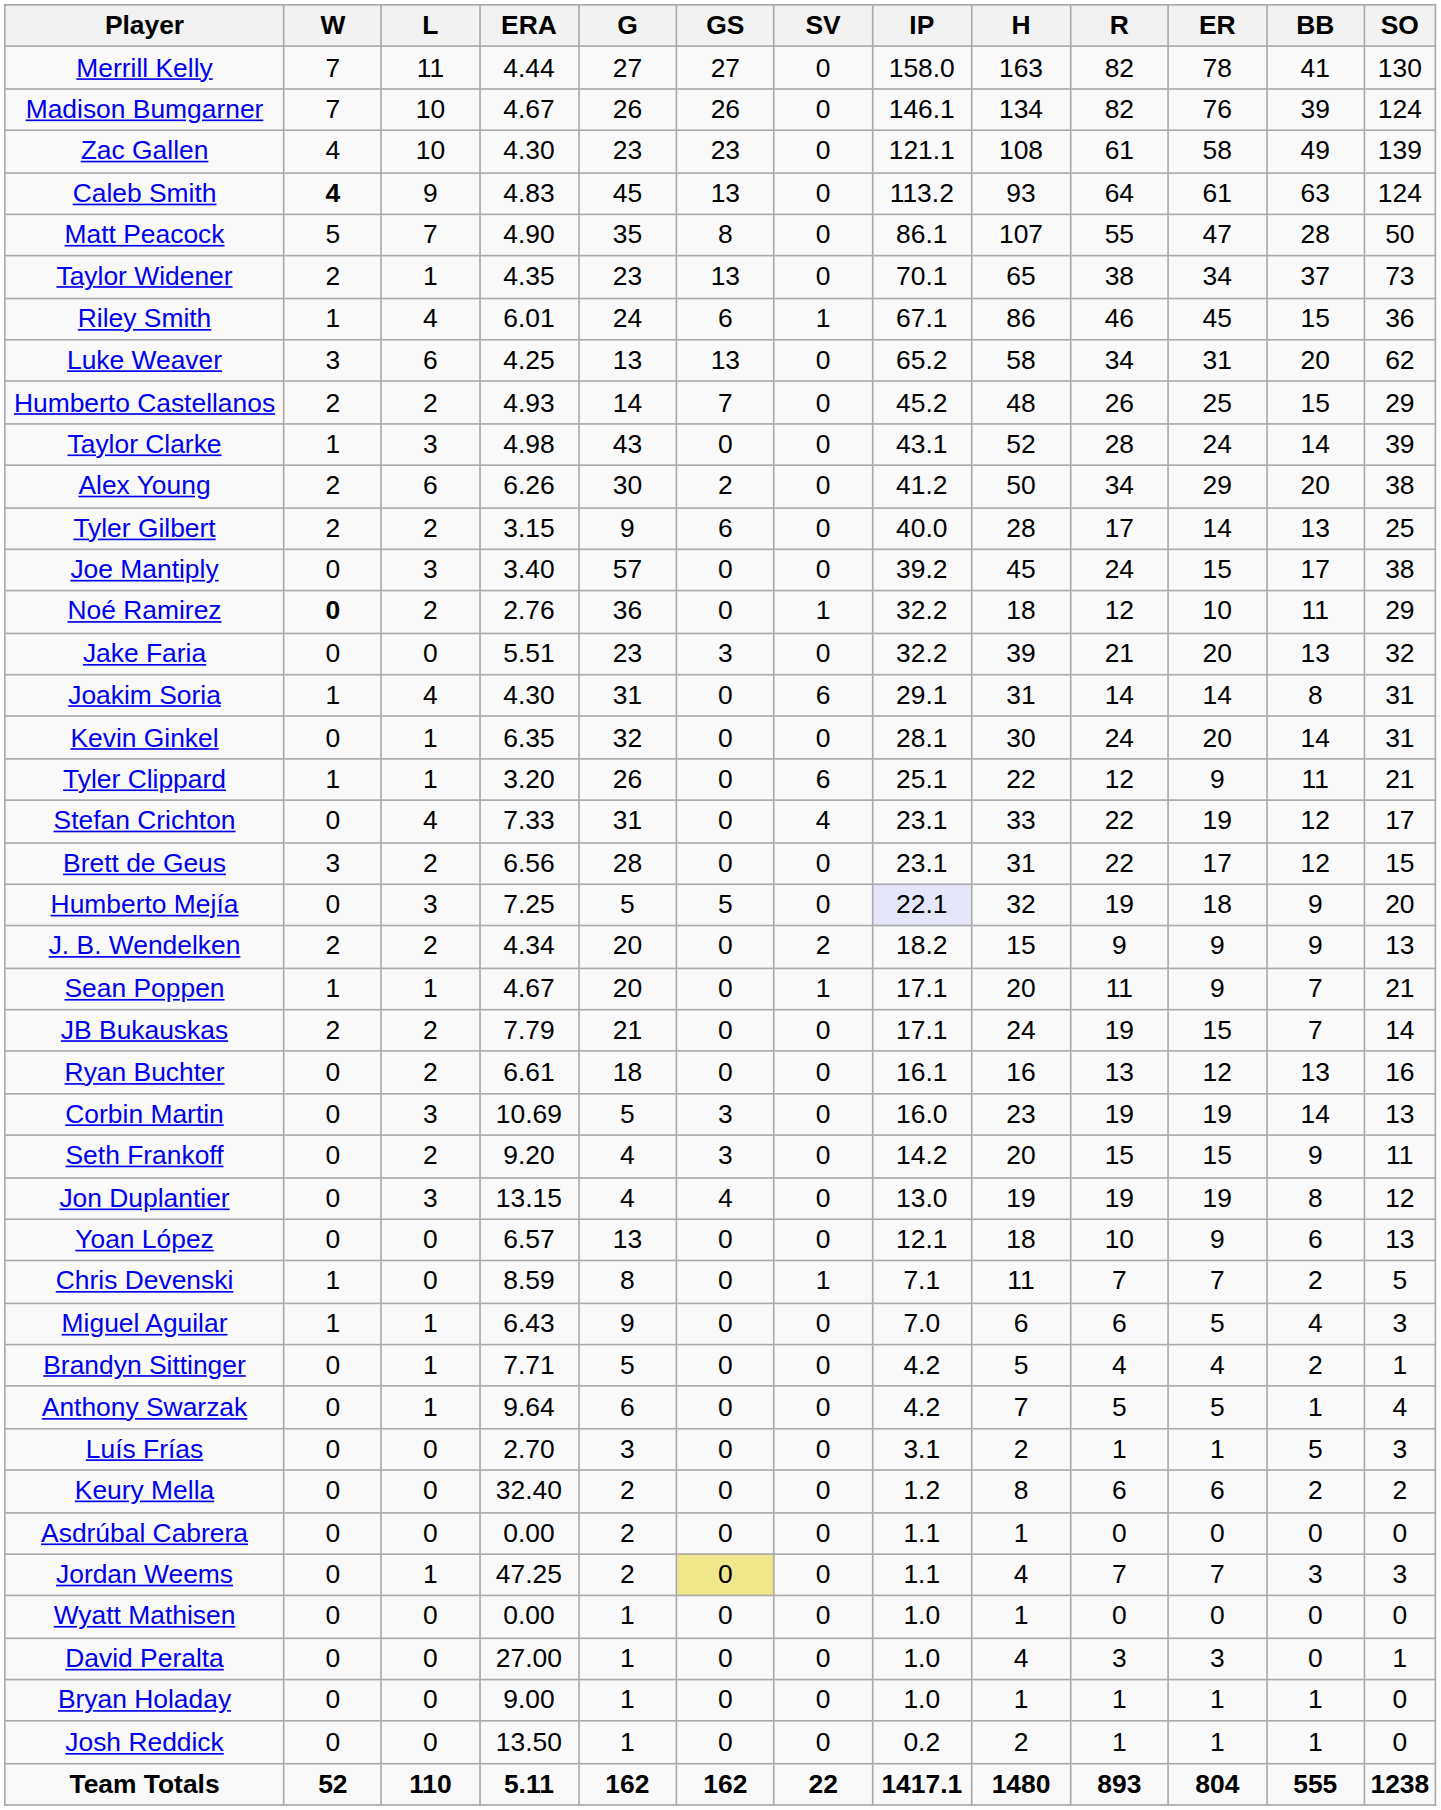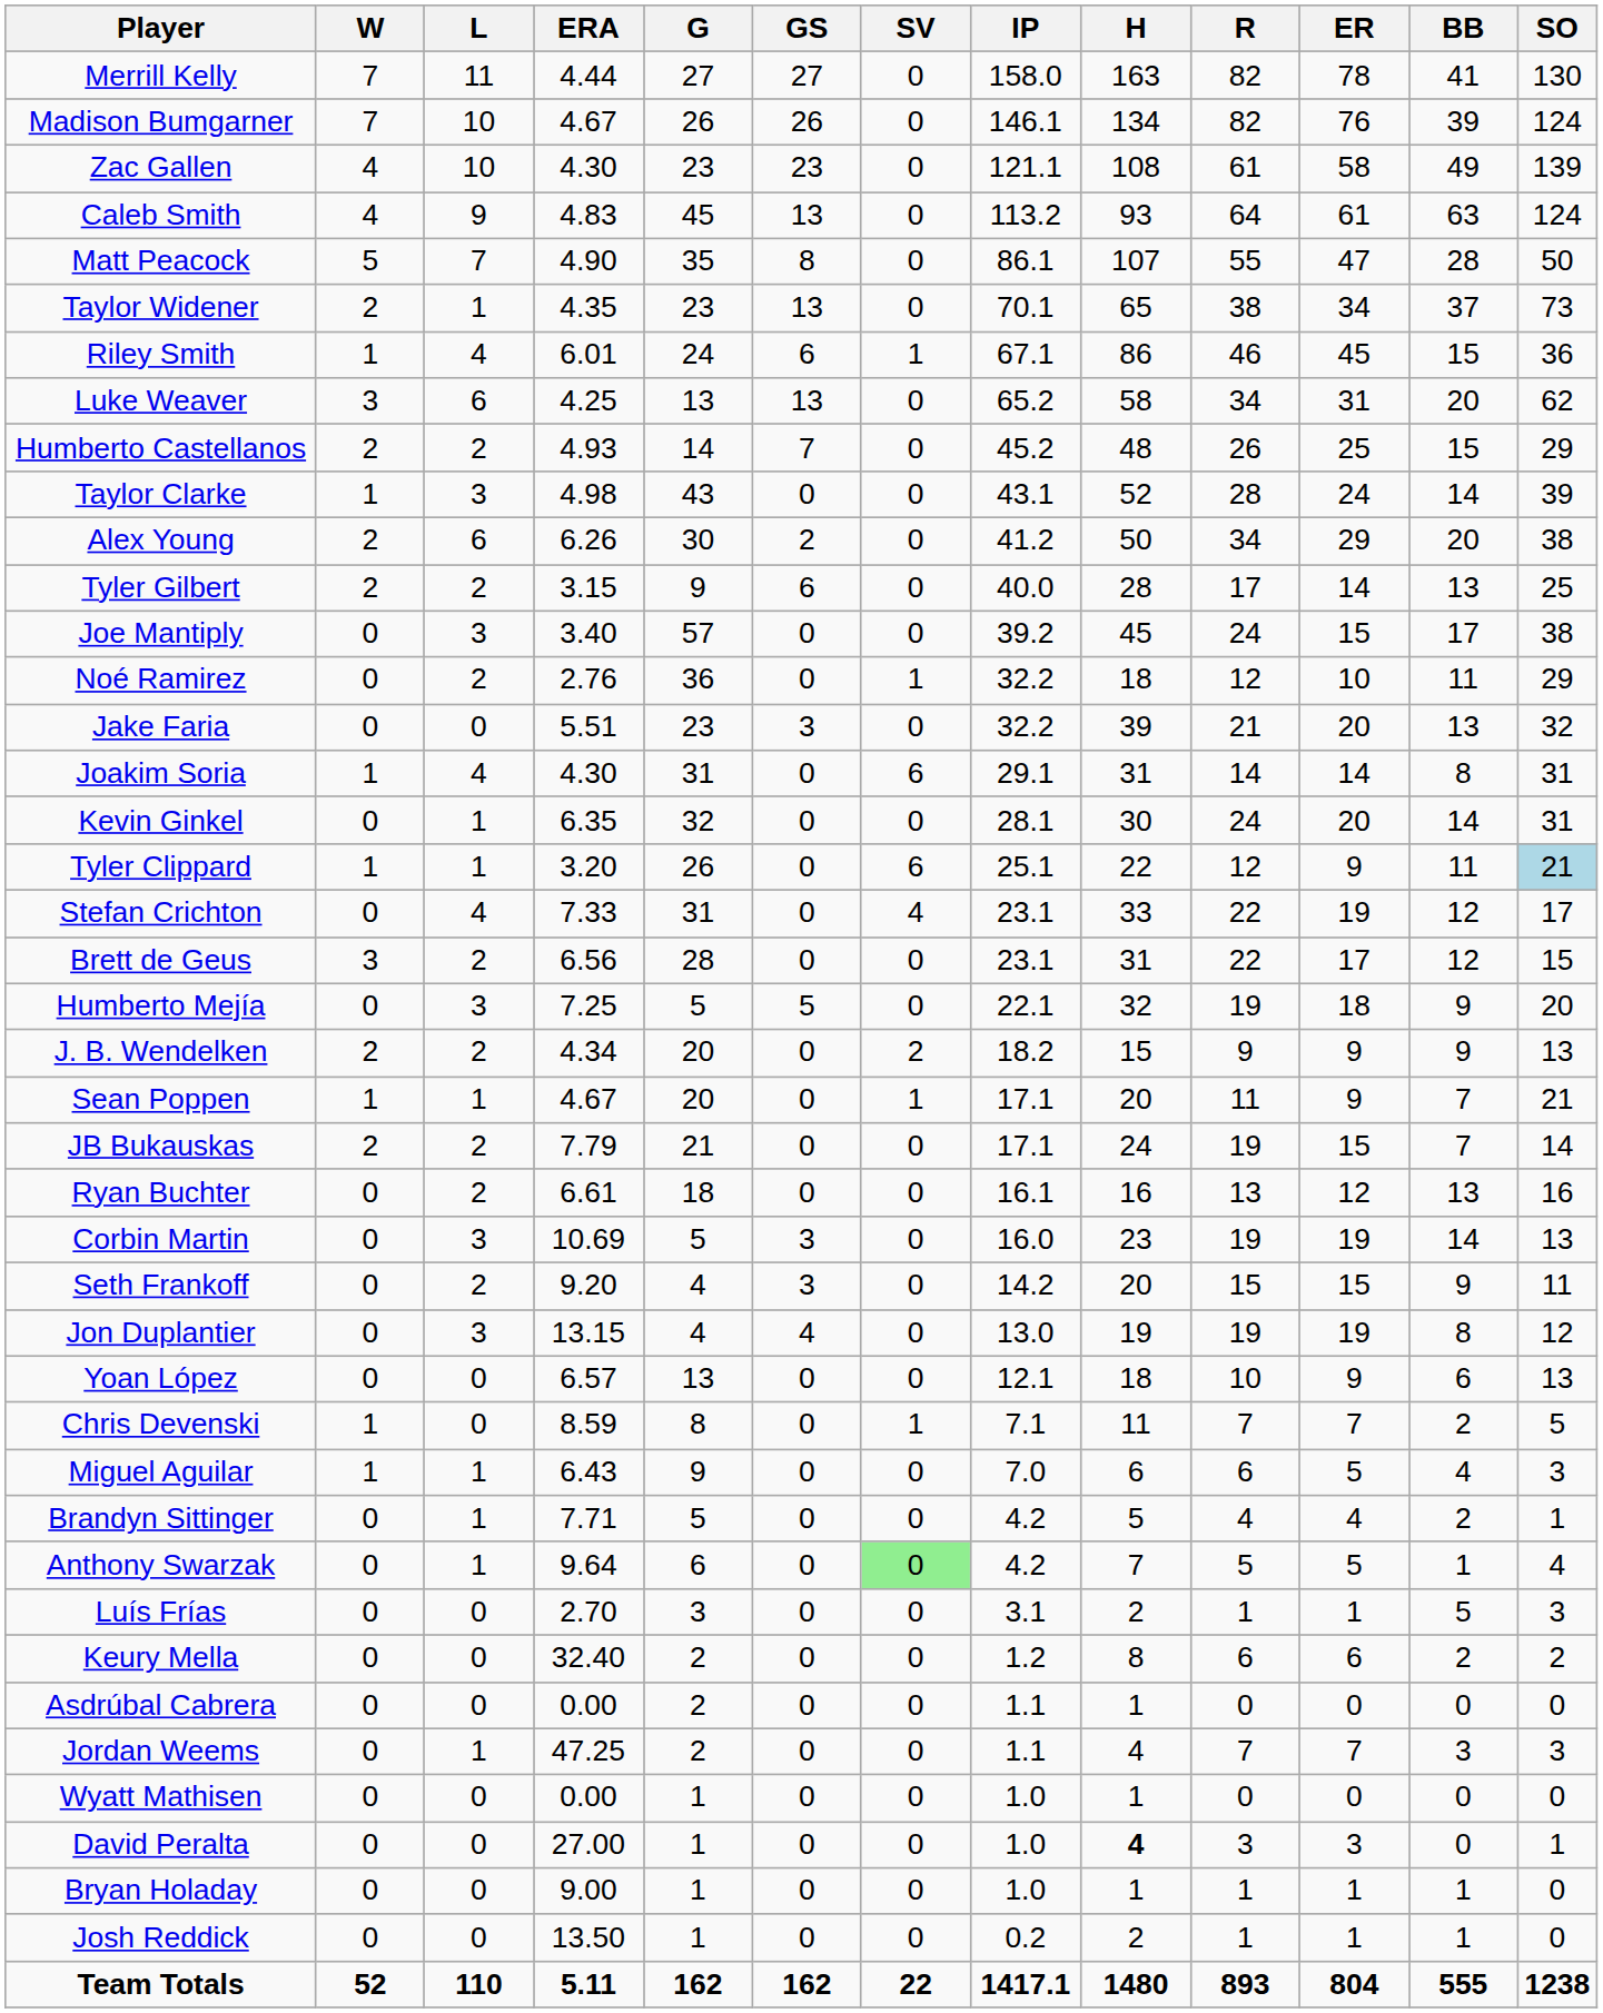 <table class=wikitable style="text-align:center">
 <tr>
 <th bgcolor=#DDDDFF; width="20%">Player</th>
 <th bgcolor=#DDDDFF; width="7%">W</th>
 <th bgcolor=#DDDDFF; width="7%">L</th>
 <th bgcolor=#DDDDFF; width="7%">ERA</th>
 <th bgcolor=#DDDDFF; width="7%">G</th>
 <th bgcolor=#DDDDFF; width="7%">GS</th>
 <th bgcolor=#DDDDFF; width="7%">SV</th>
 <th bgcolor=#DDDDFF; width="7%">IP</th>
 <th bgcolor=#DDDDFF; width="7%">H</th>
 <th bgcolor=#DDDDFF; width="7%">R</th>
 <th bgcolor=#DDDDFF; width="7%">ER</th>
 <th bgcolor=#DDDDFF; width="7%">BB</th>
 <th bgcolor=#DDDDFF; width="7%">SO</th>
 </tr>
 <tr>
 <td><a href='#'>Merrill Kelly</a></td>
 <td>7</td>
 <td>11</td>
 <td>4.44</td>
 <td>27</td>
 <td>27</td>
 <td>0</td>
 <td>158.0</td>
 <td>163</td>
 <td>82</td>
 <td>78</td>
 <td>41</td>
 <td>130</td>
 </tr>
 <tr>
 <td><a href='#'>Madison Bumgarner</a></td>
 <td>7</td>
 <td>10</td>
 <td>4.67</td>
 <td>26</td>
 <td>26</td>
 <td>0</td>
 <td>146.1</td>
 <td>134</td>
 <td>82</td>
 <td>76</td>
 <td>39</td>
 <td>124</td>
 </tr>
 <tr>
 <td><a href='#'>Zac Gallen</a></td>
 <td>4</td>
 <td>10</td>
 <td>4.30</td>
 <td>23</td>
 <td>23</td>
 <td>0</td>
 <td>121.1</td>
 <td>108</td>
 <td>61</td>
 <td>58</td>
 <td>49</td>
 <td>139</td>
 </tr>
 <tr>
 <td><a href='#'>Caleb Smith</a></td>
-<td><strong>4</strong></td>
+<td>4</td>
 <td>9</td>
 <td>4.83</td>
 <td>45</td>
 <td>13</td>
 <td>0</td>
 <td>113.2</td>
 <td>93</td>
 <td>64</td>
 <td>61</td>
 <td>63</td>
 <td>124</td>
 </tr>
 <tr>
 <td><a href='#'>Matt Peacock</a></td>
 <td>5</td>
 <td>7</td>
 <td>4.90</td>
 <td>35</td>
 <td>8</td>
 <td>0</td>
 <td>86.1</td>
 <td>107</td>
 <td>55</td>
 <td>47</td>
 <td>28</td>
 <td>50</td>
 </tr>
 <tr>
 <td><a href='#'>Taylor Widener</a></td>
 <td>2</td>
 <td>1</td>
 <td>4.35</td>
 <td>23</td>
 <td>13</td>
 <td>0</td>
 <td>70.1</td>
 <td>65</td>
 <td>38</td>
 <td>34</td>
 <td>37</td>
 <td>73</td>
 </tr>
 <tr>
 <td><a href='#'>Riley Smith</a></td>
 <td>1</td>
 <td>4</td>
 <td>6.01</td>
 <td>24</td>
 <td>6</td>
 <td>1</td>
 <td>67.1</td>
 <td>86</td>
 <td>46</td>
 <td>45</td>
 <td>15</td>
 <td>36</td>
 </tr>
 <tr>
 <td><a href='#'>Luke Weaver</a></td>
 <td>3</td>
 <td>6</td>
 <td>4.25</td>
 <td>13</td>
 <td>13</td>
 <td>0</td>
 <td>65.2</td>
 <td>58</td>
 <td>34</td>
 <td>31</td>
 <td>20</td>
 <td>62</td>
 </tr>
 <tr>
 <td><a href='#'>Humberto Castellanos</a></td>
 <td>2</td>
 <td>2</td>
 <td>4.93</td>
 <td>14</td>
 <td>7</td>
 <td>0</td>
 <td>45.2</td>
 <td>48</td>
 <td>26</td>
 <td>25</td>
 <td>15</td>
 <td>29</td>
 </tr>
 <tr>
 <td><a href='#'>Taylor Clarke</a></td>
 <td>1</td>
 <td>3</td>
 <td>4.98</td>
 <td>43</td>
 <td>0</td>
 <td>0</td>
 <td>43.1</td>
 <td>52</td>
 <td>28</td>
 <td>24</td>
 <td>14</td>
 <td>39</td>
 </tr>
 <tr>
 <td><a href='#'>Alex Young</a></td>
 <td>2</td>
 <td>6</td>
 <td>6.26</td>
 <td>30</td>
 <td>2</td>
 <td>0</td>
 <td>41.2</td>
 <td>50</td>
 <td>34</td>
 <td>29</td>
 <td>20</td>
 <td>38</td>
 </tr>
 <tr>
 <td><a href='#'>Tyler Gilbert</a></td>
 <td>2</td>
 <td>2</td>
 <td>3.15</td>
 <td>9</td>
 <td>6</td>
 <td>0</td>
 <td>40.0</td>
 <td>28</td>
 <td>17</td>
 <td>14</td>
 <td>13</td>
 <td>25</td>
 </tr>
 <tr>
 <td><a href='#'>Joe Mantiply</a></td>
 <td>0</td>
 <td>3</td>
 <td>3.40</td>
 <td>57</td>
 <td>0</td>
 <td>0</td>
 <td>39.2</td>
 <td>45</td>
 <td>24</td>
 <td>15</td>
 <td>17</td>
 <td>38</td>
 </tr>
 <tr>
 <td><a href='#'>Noé Ramirez</a></td>
-<td><strong>0</strong></td>
+<td>0</td>
 <td>2</td>
 <td>2.76</td>
 <td>36</td>
 <td>0</td>
 <td>1</td>
 <td>32.2</td>
 <td>18</td>
 <td>12</td>
 <td>10</td>
 <td>11</td>
 <td>29</td>
 </tr>
 <tr>
 <td><a href='#'>Jake Faria</a></td>
 <td>0</td>
 <td>0</td>
 <td>5.51</td>
 <td>23</td>
 <td>3</td>
 <td>0</td>
 <td>32.2</td>
 <td>39</td>
 <td>21</td>
 <td>20</td>
 <td>13</td>
 <td>32</td>
 </tr>
 <tr>
 <td><a href='#'>Joakim Soria</a></td>
 <td>1</td>
 <td>4</td>
 <td>4.30</td>
 <td>31</td>
 <td>0</td>
 <td>6</td>
 <td>29.1</td>
 <td>31</td>
 <td>14</td>
 <td>14</td>
 <td>8</td>
 <td>31</td>
 </tr>
 <tr>
 <td><a href='#'>Kevin Ginkel</a></td>
 <td>0</td>
 <td>1</td>
 <td>6.35</td>
 <td>32</td>
 <td>0</td>
 <td>0</td>
 <td>28.1</td>
 <td>30</td>
 <td>24</td>
 <td>20</td>
 <td>14</td>
 <td>31</td>
 </tr>
 <tr>
 <td><a href='#'>Tyler Clippard</a></td>
 <td>1</td>
 <td>1</td>
 <td>3.20</td>
 <td>26</td>
 <td>0</td>
 <td>6</td>
 <td>25.1</td>
 <td>22</td>
 <td>12</td>
 <td>9</td>
 <td>11</td>
-<td>21</td>
+<td style="background: lightblue;">21</td>
 </tr>
 <tr>
 <td><a href='#'>Stefan Crichton</a></td>
 <td>0</td>
 <td>4</td>
 <td>7.33</td>
 <td>31</td>
 <td>0</td>
 <td>4</td>
 <td>23.1</td>
 <td>33</td>
 <td>22</td>
 <td>19</td>
 <td>12</td>
 <td>17</td>
 </tr>
 <tr>
 <td><a href='#'>Brett de Geus</a></td>
 <td>3</td>
 <td>2</td>
 <td>6.56</td>
 <td>28</td>
 <td>0</td>
 <td>0</td>
 <td>23.1</td>
 <td>31</td>
 <td>22</td>
 <td>17</td>
 <td>12</td>
 <td>15</td>
 </tr>
 <tr>
 <td><a href='#'>Humberto Mejía</a></td>
 <td>0</td>
 <td>3</td>
 <td>7.25</td>
 <td>5</td>
 <td>5</td>
 <td>0</td>
-<td style="background: lavender;">22.1</td>
+<td>22.1</td>
 <td>32</td>
 <td>19</td>
 <td>18</td>
 <td>9</td>
 <td>20</td>
 </tr>
 <tr>
 <td><a href='#'>J. B. Wendelken</a></td>
 <td>2</td>
 <td>2</td>
 <td>4.34</td>
 <td>20</td>
 <td>0</td>
 <td>2</td>
 <td>18.2</td>
 <td>15</td>
 <td>9</td>
 <td>9</td>
 <td>9</td>
 <td>13</td>
 </tr>
 <tr>
 <td><a href='#'>Sean Poppen</a></td>
 <td>1</td>
 <td>1</td>
 <td>4.67</td>
 <td>20</td>
 <td>0</td>
 <td>1</td>
 <td>17.1</td>
 <td>20</td>
 <td>11</td>
 <td>9</td>
 <td>7</td>
 <td>21</td>
 </tr>
 <tr>
 <td><a href='#'>JB Bukauskas</a></td>
 <td>2</td>
 <td>2</td>
 <td>7.79</td>
 <td>21</td>
 <td>0</td>
 <td>0</td>
 <td>17.1</td>
 <td>24</td>
 <td>19</td>
 <td>15</td>
 <td>7</td>
 <td>14</td>
 </tr>
 <tr>
 <td><a href='#'>Ryan Buchter</a></td>
 <td>0</td>
 <td>2</td>
 <td>6.61</td>
 <td>18</td>
 <td>0</td>
 <td>0</td>
 <td>16.1</td>
 <td>16</td>
 <td>13</td>
 <td>12</td>
 <td>13</td>
 <td>16</td>
 </tr>
 <tr>
 <td><a href='#'>Corbin Martin</a></td>
 <td>0</td>
 <td>3</td>
 <td>10.69</td>
 <td>5</td>
 <td>3</td>
 <td>0</td>
 <td>16.0</td>
 <td>23</td>
 <td>19</td>
 <td>19</td>
 <td>14</td>
 <td>13</td>
 </tr>
 <tr>
 <td><a href='#'>Seth Frankoff</a></td>
 <td>0</td>
 <td>2</td>
 <td>9.20</td>
 <td>4</td>
 <td>3</td>
 <td>0</td>
 <td>14.2</td>
 <td>20</td>
 <td>15</td>
 <td>15</td>
 <td>9</td>
 <td>11</td>
 </tr>
 <tr>
 <td><a href='#'>Jon Duplantier</a></td>
 <td>0</td>
 <td>3</td>
 <td>13.15</td>
 <td>4</td>
 <td>4</td>
 <td>0</td>
 <td>13.0</td>
 <td>19</td>
 <td>19</td>
 <td>19</td>
 <td>8</td>
 <td>12</td>
 </tr>
 <tr>
 <td><a href='#'>Yoan López</a></td>
 <td>0</td>
 <td>0</td>
 <td>6.57</td>
 <td>13</td>
 <td>0</td>
 <td>0</td>
 <td>12.1</td>
 <td>18</td>
 <td>10</td>
 <td>9</td>
 <td>6</td>
 <td>13</td>
 </tr>
 <tr>
 <td><a href='#'>Chris Devenski</a></td>
 <td>1</td>
 <td>0</td>
 <td>8.59</td>
 <td>8</td>
 <td>0</td>
 <td>1</td>
 <td>7.1</td>
 <td>11</td>
 <td>7</td>
 <td>7</td>
 <td>2</td>
 <td>5</td>
 </tr>
 <tr>
 <td><a href='#'>Miguel Aguilar</a></td>
 <td>1</td>
 <td>1</td>
 <td>6.43</td>
 <td>9</td>
 <td>0</td>
 <td>0</td>
 <td>7.0</td>
 <td>6</td>
 <td>6</td>
 <td>5</td>
 <td>4</td>
 <td>3</td>
 </tr>
 <tr>
 <td><a href='#'>Brandyn Sittinger</a></td>
 <td>0</td>
 <td>1</td>
 <td>7.71</td>
 <td>5</td>
 <td>0</td>
 <td>0</td>
 <td>4.2</td>
 <td>5</td>
 <td>4</td>
 <td>4</td>
 <td>2</td>
 <td>1</td>
 </tr>
 <tr>
 <td><a href='#'>Anthony Swarzak</a></td>
 <td>0</td>
 <td>1</td>
 <td>9.64</td>
 <td>6</td>
 <td>0</td>
-<td>0</td>
+<td style="background: lightgreen;">0</td>
 <td>4.2</td>
 <td>7</td>
 <td>5</td>
 <td>5</td>
 <td>1</td>
 <td>4</td>
 </tr>
 <tr>
 <td><a href='#'>Luís Frías</a></td>
 <td>0</td>
 <td>0</td>
 <td>2.70</td>
 <td>3</td>
 <td>0</td>
 <td>0</td>
 <td>3.1</td>
 <td>2</td>
 <td>1</td>
 <td>1</td>
 <td>5</td>
 <td>3</td>
 </tr>
 <tr>
 <td><a href='#'>Keury Mella</a></td>
 <td>0</td>
 <td>0</td>
 <td>32.40</td>
 <td>2</td>
 <td>0</td>
 <td>0</td>
 <td>1.2</td>
 <td>8</td>
 <td>6</td>
 <td>6</td>
 <td>2</td>
 <td>2</td>
 </tr>
 <tr>
 <td><a href='#'>Asdrúbal Cabrera</a></td>
 <td>0</td>
 <td>0</td>
 <td>0.00</td>
 <td>2</td>
 <td>0</td>
 <td>0</td>
 <td>1.1</td>
 <td>1</td>
 <td>0</td>
 <td>0</td>
 <td>0</td>
 <td>0</td>
 </tr>
 <tr>
 <td><a href='#'>Jordan Weems</a></td>
 <td>0</td>
 <td>1</td>
 <td>47.25</td>
 <td>2</td>
-<td style="background: khaki;">0</td>
+<td>0</td>
 <td>0</td>
 <td>1.1</td>
 <td>4</td>
 <td>7</td>
 <td>7</td>
 <td>3</td>
 <td>3</td>
 </tr>
 <tr>
 <td><a href='#'>Wyatt Mathisen</a></td>
 <td>0</td>
 <td>0</td>
 <td>0.00</td>
 <td>1</td>
 <td>0</td>
 <td>0</td>
 <td>1.0</td>
 <td>1</td>
 <td>0</td>
 <td>0</td>
 <td>0</td>
 <td>0</td>
 </tr>
 <tr>
 <td><a href='#'>David Peralta</a></td>
 <td>0</td>
 <td>0</td>
 <td>27.00</td>
 <td>1</td>
 <td>0</td>
 <td>0</td>
 <td>1.0</td>
-<td>4</td>
+<td><strong>4</strong></td>
 <td>3</td>
 <td>3</td>
 <td>0</td>
 <td>1</td>
 </tr>
 <tr>
 <td><a href='#'>Bryan Holaday</a></td>
 <td>0</td>
 <td>0</td>
 <td>9.00</td>
 <td>1</td>
 <td>0</td>
 <td>0</td>
 <td>1.0</td>
 <td>1</td>
 <td>1</td>
 <td>1</td>
 <td>1</td>
 <td>0</td>
 </tr>
 <tr>
 <td><a href='#'>Josh Reddick</a></td>
 <td>0</td>
 <td>0</td>
 <td>13.50</td>
 <td>1</td>
 <td>0</td>
 <td>0</td>
 <td>0.2</td>
 <td>2</td>
 <td>1</td>
 <td>1</td>
 <td>1</td>
 <td>0</td>
 </tr>
 <tr>
 <td><strong>Team Totals</strong></td>
 <td><strong>52</strong></td>
 <td><strong>110</strong></td>
 <td><strong>5.11</strong></td>
 <td><strong>162</strong></td>
 <td><strong>162</strong></td>
 <td><strong>22</strong></td>
 <td><strong>1417.1</strong></td>
 <td><strong>1480</strong></td>
 <td><strong>893</strong></td>
 <td><strong>804</strong></td>
 <td><strong>555</strong></td>
 <td><strong>1238</strong></td>
 </tr>
 </table>
